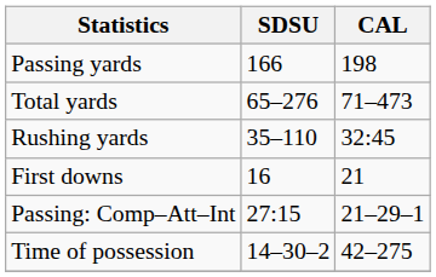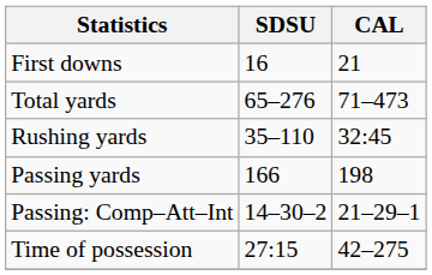 <table class="wikitable" style="float: left;">
 <tr>
 <th>Statistics</th>
 <th>SDSU</th>
 <th>CAL</th>
 </tr>
 <tr>
-<td>Passing yards</td>
-<td>166</td>
-<td>198</td>
+<td>First downs</td>
+<td>16</td>
+<td>21</td>
 </tr>
 <tr>
 <td>Total yards</td>
 <td>65–276</td>
 <td>71–473</td>
 </tr>
 <tr>
 <td>Rushing yards</td>
 <td>35–110</td>
 <td>32:45</td>
 </tr>
 <tr>
-<td>First downs</td>
-<td>16</td>
-<td>21</td>
+<td>Passing yards</td>
+<td>166</td>
+<td>198</td>
 </tr>
 <tr>
 <td>Passing: Comp–Att–Int</td>
-<td>27:15</td>
+<td>14–30–2</td>
 <td>21–29–1</td>
 </tr>
 <tr>
 <td>Time of possession</td>
-<td>14–30–2</td>
+<td>27:15</td>
 <td>42–275</td>
 </tr>
 <tr>
 </tr>
 </table>
